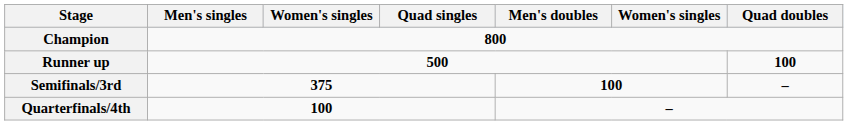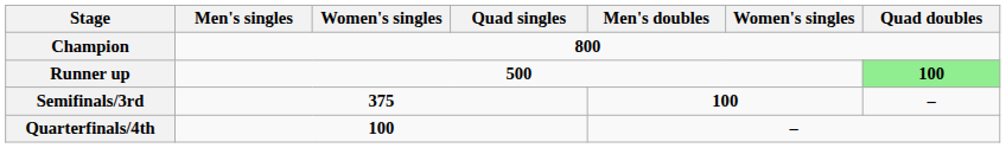 <table class=wikitable style="text-align:center; font-weight:bold; margin:1em auto;">
 <tr bgcolor=#d1e4fd>
 <th width=150>Stage</th>
 <th width=120>Men's singles</th>
 <th width=120>Women's singles</th>
 <th width=120>Quad singles</th>
 <th width=120>Men's doubles</th>
 <th width=120>Women's singles</th>
 <th width=120>Quad doubles</th>
 </tr>
 <tr>
 <th>Champion</th>
 <td colspan=6>800</td>
 </tr>
 <tr>
 <th>Runner up</th>
 <td colspan=5>500</td>
-<td>100</td>
+<td style="background: lightgreen;">100</td>
 </tr>
 <tr>
 <th>Semifinals/3rd</th>
 <td colspan=3>375</td>
 <td colspan=2>100</td>
 <td>–</td>
 </tr>
 <tr>
 <th>Quarterfinals/4th</th>
 <td colspan=3>100</td>
 <td colspan=3>–</td>
 </tr>
 </table>
